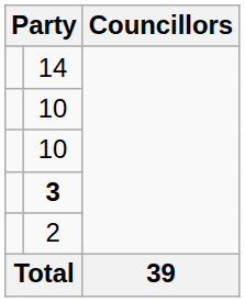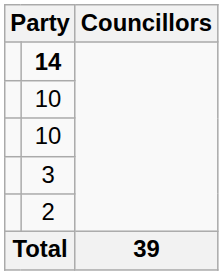 <table class="wikitable">
 <tr>
 <th colspan=2>Party</th>
 <th>Councillors</th>
 </tr>
 <tr>
 <td></td>
-<td align=center>14</td>
+<td align=center><strong>14</strong></td>
 </tr>
 <tr>
 <td></td>
 <td align=center>10</td>
 </tr>
 <tr>
 <td></td>
 <td align=center>10</td>
 </tr>
 <tr>
 <td></td>
-<td align=center><strong>3</strong></td>
+<td align=center>3</td>
 </tr>
 <tr>
 <td></td>
 <td align=center>2</td>
 </tr>
 <tr>
 <th colspan=2>Total</th>
 <th align=center>39</th>
 </tr>
 </table>
